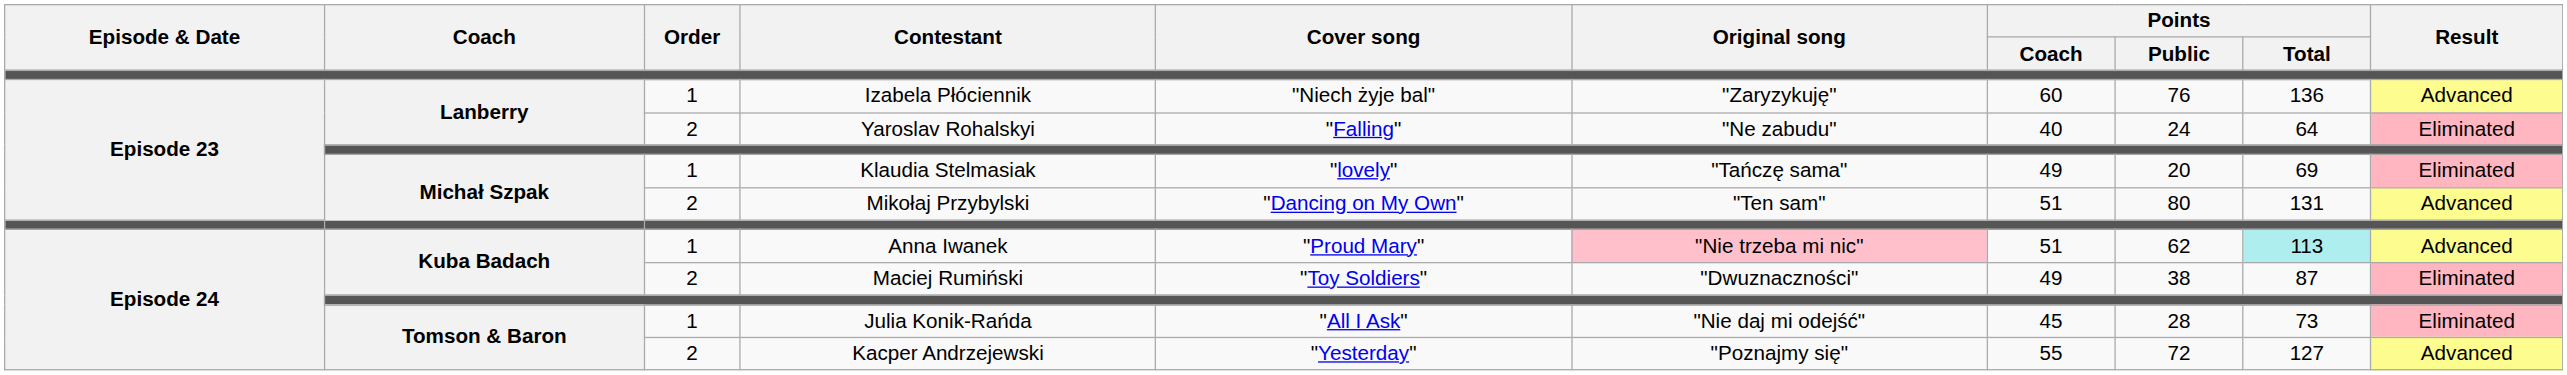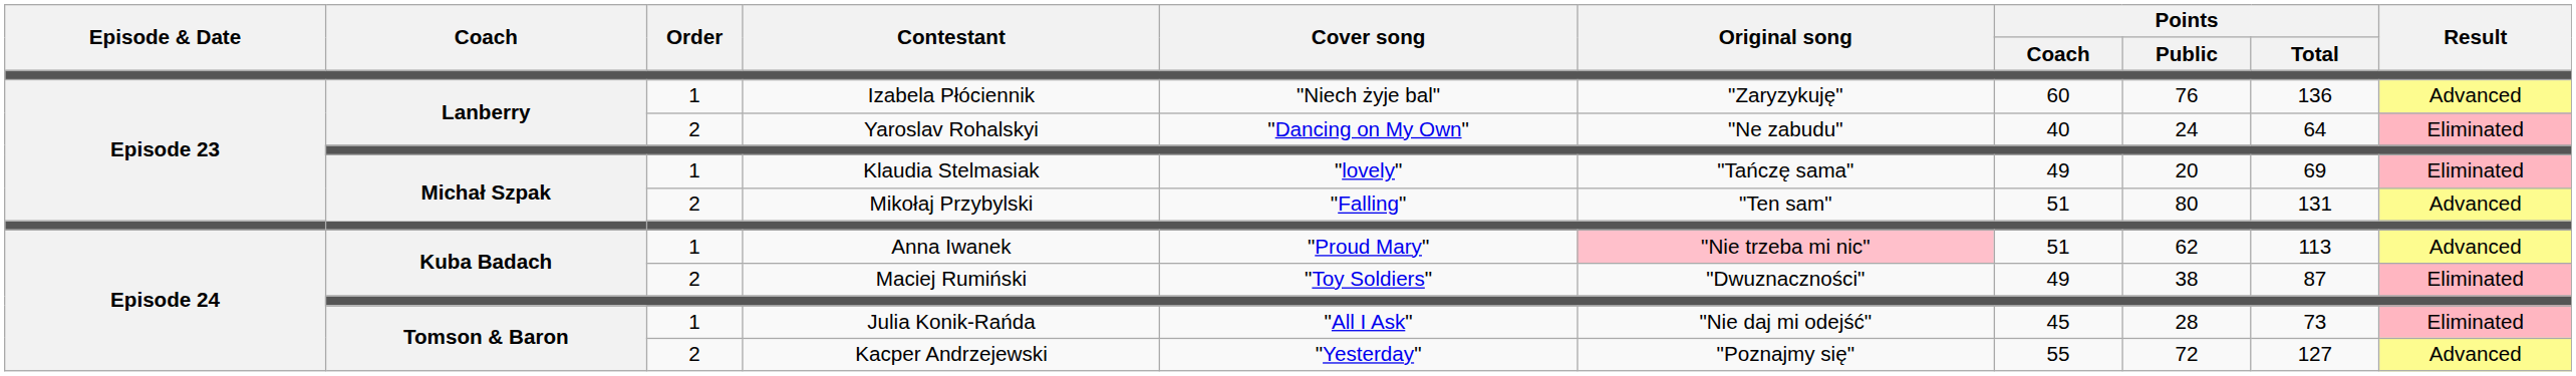 <table class="wikitable" style="text-align: center; width:100%;">
 <tr>
 <th scope="col" style="width:10%" rowspan="2">Episode & Date</th>
 <th scope="col" style="width:10%" rowspan="2">Coach</th>
 <th scope="col" style="width:03%" rowspan="2">Order</th>
 <th scope="col" style="width:13%" rowspan="2">Contestant</th>
 <th scope="col" style="width:13%" rowspan="2">Cover song</th>
 <th scope="col" style="width:13%" rowspan="2">Original song</th>
 <th scope="col" style="width:12%" colspan="3">Points</th>
 <th scope="col" style="width:6%" rowspan="2">Result</th>
 </tr>
 <tr>
 <th width="4%">Coach</th>
 <th width="4%">Public</th>
 <th width="4%">Total</th>
 </tr>
 <tr>
 <td colspan="10" style="background:#555"></td>
 </tr>
 <tr>
 <th rowspan="5">Episode 23 </th>
 <th rowspan="2">Lanberry</th>
 <td>1</td>
 <td>Izabela Płóciennik</td>
 <td>"Niech żyje bal" </td>
 <td>"Zaryzykuję"</td>
 <td>60</td>
 <td>76</td>
 <td>136</td>
 <td style="background:#fdfc8f">Advanced</td>
 </tr>
 <tr>
 <td>2</td>
 <td>Yaroslav Rohalskyi</td>
-<td>"<a href='#'>Falling</a>"</td>
+<td>"<a href='#'>Dancing on My Own</a>"</td>
 <td>"Ne zabudu"</td>
 <td>40</td>
 <td>24</td>
 <td>64</td>
 <td style="background:lightpink">Eliminated</td>
 </tr>
 <tr>
 <td colspan="9" style="background:#555"></td>
 </tr>
 <tr>
 <th rowspan="3">Michał Szpak</th>
 <td>1</td>
 <td>Klaudia Stelmasiak</td>
 <td>"<a href='#'>lovely</a>"</td>
 <td>"Tańczę sama"</td>
 <td>49</td>
 <td>20</td>
 <td>69</td>
 <td style="background:lightpink">Eliminated</td>
 </tr>
 <tr>
 <td>2</td>
 <td>Mikołaj Przybylski</td>
-<td>"<a href='#'>Dancing on My Own</a>"</td>
+<td>"<a href='#'>Falling</a>"</td>
 <td>"Ten sam"</td>
 <td>51</td>
 <td>80</td>
 <td>131</td>
 <td style="background:#fdfc8f">Advanced</td>
 </tr>
 <tr>
 <td colspan="10" style="background:#555"></td>
 </tr>
 <tr>
 <th rowspan="5">Episode 24 </th>
 <th rowspan="2">Kuba Badach</th>
 <td>1</td>
 <td>Anna Iwanek</td>
 <td>"<a href='#'>Proud Mary</a>"</td>
 <td style="background: pink;">"Nie trzeba mi nic"</td>
 <td>51</td>
 <td>62</td>
-<td style="background: paleturquoise;">113</td>
+<td>113</td>
 <td style="background:#fdfc8f">Advanced</td>
 </tr>
 <tr>
 <td>2</td>
 <td>Maciej Rumiński</td>
 <td>"<a href='#'>Toy Soldiers</a>"</td>
 <td>"Dwuznaczności"</td>
 <td>49</td>
 <td>38</td>
 <td>87</td>
 <td style="background:lightpink">Eliminated</td>
 </tr>
 <tr>
 <td colspan="9" style="background:#555"></td>
 </tr>
 <tr>
 <th rowspan="3">Tomson & Baron</th>
 <td>1</td>
 <td>Julia Konik-Rańda</td>
 <td>"<a href='#'>All I Ask</a>"</td>
 <td>"Nie daj mi odejść"</td>
 <td>45</td>
 <td>28</td>
 <td>73</td>
 <td style="background:lightpink">Eliminated</td>
 </tr>
 <tr>
 <td>2</td>
 <td>Kacper Andrzejewski</td>
 <td>"<a href='#'>Yesterday</a>"</td>
 <td>"Poznajmy się"</td>
 <td>55</td>
 <td>72</td>
 <td>127</td>
 <td style="background:#fdfc8f">Advanced</td>
 </tr>
 </table>
